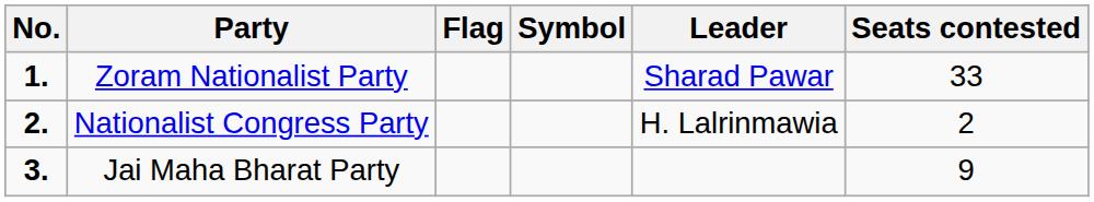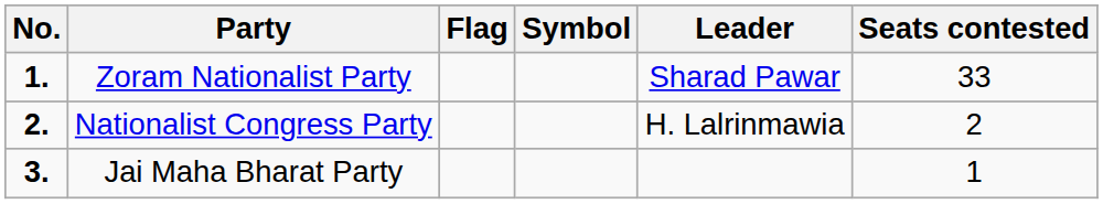 <table class="wikitable">
 <tr>
 <th>No.</th>
 <th>Party</th>
 <th>Flag</th>
 <th>Symbol</th>
 <th>Leader</th>
 <th>Seats contested</th>
 </tr>
 <tr>
 <td ! style="text-align:center; background:"><strong>1.</strong></td>
 <td style="text-align:center"><a href='#'>Zoram Nationalist Party</a></td>
 <td></td>
 <td></td>
 <td style="text-align:center"><a href='#'>Sharad Pawar</a></td>
 <td style="text-align:center">33</td>
 </tr>
 <tr>
 <td ! style="text-align:center; background:"><strong>2.</strong></td>
 <td style="text-align:center"><a href='#'>Nationalist Congress Party</a></td>
 <td></td>
 <td></td>
 <td style="text-align:center">H. Lalrinmawia</td>
 <td style="text-align:center">2</td>
 </tr>
 <tr>
 <td ! style="text-align:center; background:"><strong>3.</strong></td>
 <td style="text-align:center">Jai Maha Bharat Party</td>
 <td></td>
 <td></td>
 <td style="text-align:center"></td>
-<td style="text-align:center">9</td>
+<td style="text-align:center">1</td>
 </tr>
 </table>
